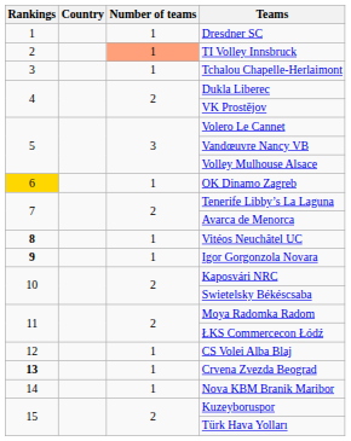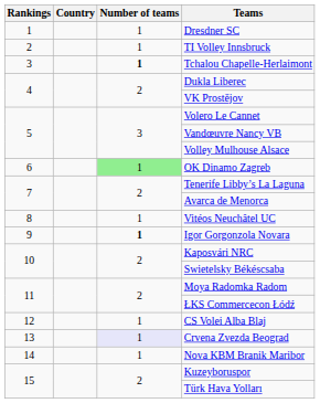 <table class="wikitable" style="text-align:left">
 <tr>
 <th>Rankings</th>
 <th>Country</th>
 <th>Number of teams</th>
 <th>Teams</th>
 </tr>
 <tr>
 <td align="center">1</td>
 <td></td>
 <td align="center">1</td>
 <td><a href='#'>Dresdner SC</a></td>
 </tr>
 <tr>
 <td align="center">2</td>
 <td></td>
-<td align="center" style="background: lightsalmon;">1</td>
+<td align="center">1</td>
 <td><a href='#'>TI Volley Innsbruck</a></td>
 </tr>
 <tr>
 <td align="center">3</td>
 <td></td>
-<td align="center">1</td>
+<td align="center"><strong>1</strong></td>
 <td><a href='#'>Tchalou Chapelle-Herlaimont</a></td>
 </tr>
 <tr>
 <td align="center" rowspan="2">4</td>
 <td rowspan="2"></td>
 <td align="center" rowspan="2">2</td>
 <td><a href='#'>Dukla Liberec</a></td>
 </tr>
 <tr>
 <td><a href='#'>VK Prostějov</a></td>
 </tr>
 <tr>
 <td align="center" rowspan="3">5</td>
 <td rowspan="3"></td>
 <td align="center" rowspan="3">3</td>
 <td><a href='#'>Volero Le Cannet</a></td>
 </tr>
 <tr>
 <td><a href='#'>Vandœuvre Nancy VB</a></td>
 </tr>
 <tr>
 <td><a href='#'>Volley Mulhouse Alsace</a></td>
 </tr>
 <tr>
-<td align="center" style="background: gold;">6</td>
+<td align="center">6</td>
 <td></td>
-<td align="center">1</td>
+<td align="center" style="background: lightgreen;">1</td>
 <td><a href='#'>OK Dinamo Zagreb</a></td>
 </tr>
 <tr>
 <td align="center" rowspan="2">7</td>
 <td rowspan="2"></td>
 <td align="center" rowspan="2">2</td>
 <td><a href='#'>Tenerife Libby’s La Laguna</a></td>
 </tr>
 <tr>
 <td><a href='#'>Avarca de Menorca</a></td>
 </tr>
 <tr>
-<td align="center"><strong>8</strong></td>
+<td align="center">8</td>
 <td></td>
 <td align="center">1</td>
 <td><a href='#'>Vitéos Neuchâtel UC</a></td>
 </tr>
 <tr>
-<td align="center"><strong>9</strong></td>
+<td align="center">9</td>
 <td></td>
-<td align="center">1</td>
+<td align="center"><strong>1</strong></td>
 <td><a href='#'>Igor Gorgonzola Novara</a></td>
 </tr>
 <tr>
 <td align="center" rowspan="2">10</td>
 <td rowspan="2"></td>
 <td align="center" rowspan="2">2</td>
 <td><a href='#'>Kaposvári NRC</a></td>
 </tr>
 <tr>
 <td><a href='#'>Swietelsky Békéscsaba</a></td>
 </tr>
 <tr>
 <td align="center" rowspan="2">11</td>
 <td rowspan="2"></td>
 <td align="center" rowspan="2">2</td>
 <td><a href='#'>Moya Radomka Radom</a></td>
 </tr>
 <tr>
 <td><a href='#'>ŁKS Commercecon Łódź</a></td>
 </tr>
 <tr>
 <td align="center">12</td>
 <td></td>
 <td align="center">1</td>
 <td><a href='#'>CS Volei Alba Blaj</a></td>
 </tr>
 <tr>
-<td align="center"><strong>13</strong></td>
+<td align="center">13</td>
 <td></td>
-<td align="center">1</td>
+<td align="center" style="background: lavender;">1</td>
 <td><a href='#'>Crvena Zvezda Beograd</a></td>
 </tr>
 <tr>
 <td align="center">14</td>
 <td></td>
 <td align="center">1</td>
 <td><a href='#'>Nova KBM Branik Maribor</a></td>
 </tr>
 <tr>
 <td align="center" rowspan="2">15</td>
 <td rowspan="2"></td>
 <td align="center" rowspan="2">2</td>
 <td><a href='#'>Kuzeyboruspor</a></td>
 </tr>
 <tr>
 <td><a href='#'>Türk Hava Yolları</a></td>
 </tr>
 </table>
